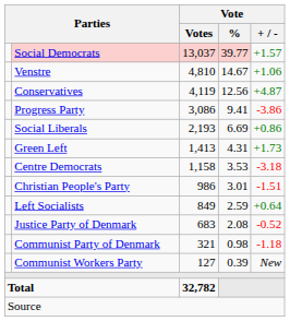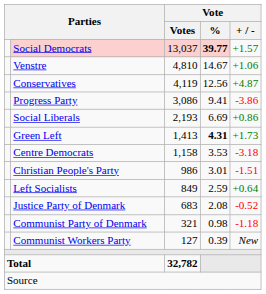 <table class="wikitable" style="text-align:right;">
 <tr>
 <th style="text-align:centre;" rowspan="2" colspan="2" width="225">Parties</th>
 <th colspan="3">Vote</th>
 </tr>
 <tr>
 <th width="15">Votes</th>
 <th width="15">%</th>
 <th width="15">+ / -</th>
 </tr>
 <tr>
 <td width="2" style="color:inherit;background:"></td>
 <td bgcolor=#fbd0ce  align="left"><a href='#'>Social Democrats</a></td>
 <td bgcolor=#fbd0ce>13,037</td>
-<td bgcolor=#fbd0ce>39.77</td>
+<td bgcolor=#fbd0ce><strong>39.77</strong></td>
 <td style=color:green;>+1.57</td>
 </tr>
 <tr>
 <td width="2" style="color:inherit;background:"></td>
 <td align="left"><a href='#'>Venstre</a></td>
 <td>4,810</td>
 <td>14.67</td>
 <td style=color:green;>+1.06</td>
 </tr>
 <tr>
 <td width="2" style="color:inherit;background:"></td>
 <td align="left"><a href='#'>Conservatives</a></td>
 <td>4,119</td>
 <td>12.56</td>
 <td style=color:green;>+4.87</td>
 </tr>
 <tr>
 <td width="2" style="color:inherit;background:"></td>
 <td align="left"><a href='#'>Progress Party</a></td>
 <td>3,086</td>
 <td>9.41</td>
 <td style=color:red;>-3.86</td>
 </tr>
 <tr>
 <td width="2" style="color:inherit;background:"></td>
 <td align="left"><a href='#'>Social Liberals</a></td>
 <td>2,193</td>
 <td>6.69</td>
 <td style=color:green;>+0.86</td>
 </tr>
 <tr>
 <td width="2" style="color:inherit;background:"></td>
 <td align="left"><a href='#'>Green Left</a></td>
 <td>1,413</td>
-<td>4.31</td>
+<td><strong>4.31</strong></td>
 <td style=color:green;>+1.73</td>
 </tr>
 <tr>
 <td width="2" style="color:inherit;background:"></td>
 <td align="left"><a href='#'>Centre Democrats</a></td>
 <td>1,158</td>
 <td>3.53</td>
 <td style=color:red;>-3.18</td>
 </tr>
 <tr>
 <td width="2" style="color:inherit;background:"></td>
 <td align="left"><a href='#'>Christian People's Party</a></td>
 <td>986</td>
 <td>3.01</td>
 <td style=color:red;>-1.51</td>
 </tr>
 <tr>
 <td width="2" style="color:inherit;background:"></td>
 <td align="left"><a href='#'>Left Socialists</a></td>
 <td>849</td>
 <td>2.59</td>
 <td style=color:green;>+0.64</td>
 </tr>
 <tr>
 <td width="2" style="color:inherit;background:"></td>
 <td align="left"><a href='#'>Justice Party of Denmark</a></td>
 <td>683</td>
 <td>2.08</td>
 <td style=color:red;>-0.52</td>
 </tr>
 <tr>
 <td width="2" style="color:inherit;background:"></td>
 <td align="left"><a href='#'>Communist Party of Denmark</a></td>
 <td>321</td>
 <td>0.98</td>
 <td style=color:red;>-1.18</td>
 </tr>
 <tr>
 <td width="2" style="color:inherit;background:"></td>
 <td align="left"><a href='#'>Communist Workers Party</a></td>
 <td>127</td>
 <td>0.39</td>
 <td><em>New</em></td>
 </tr>
 <tr>
 <td colspan="7" bgcolor="#E9E9E9"></td>
 </tr>
 <tr>
 <td align="left" colspan="2"><strong>Total</strong></td>
 <td><strong>32,782</strong></td>
 <td bgcolor="#E9E9E9" colspan="2"></td>
 </tr>
 <tr>
 <td align="left" colspan="6">Source</td>
 </tr>
 </table>
